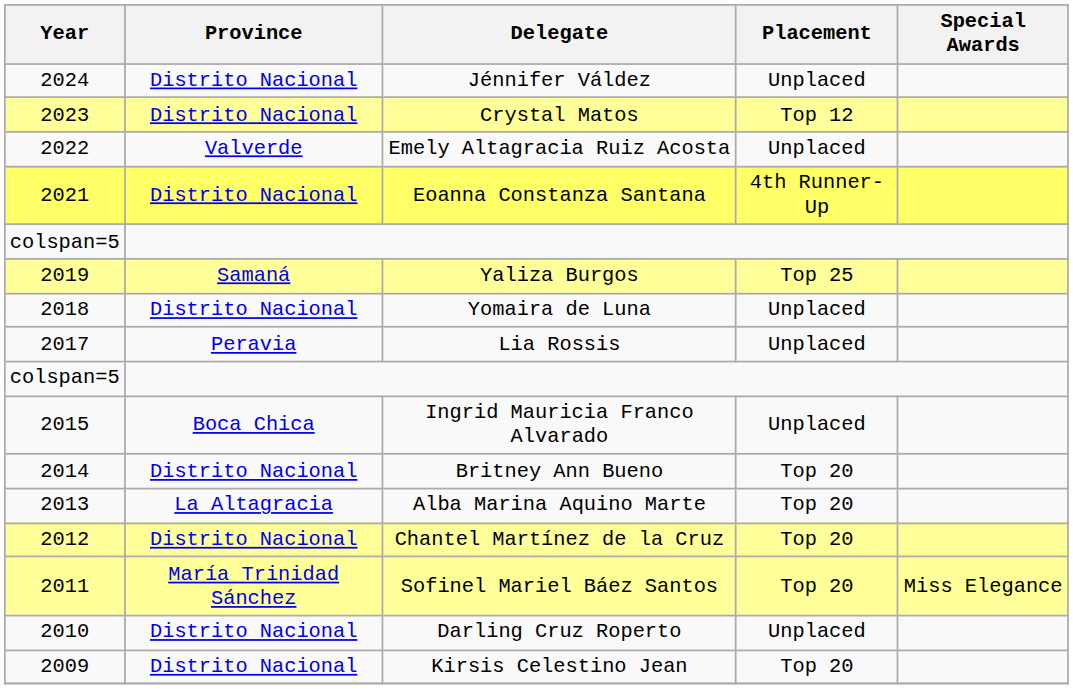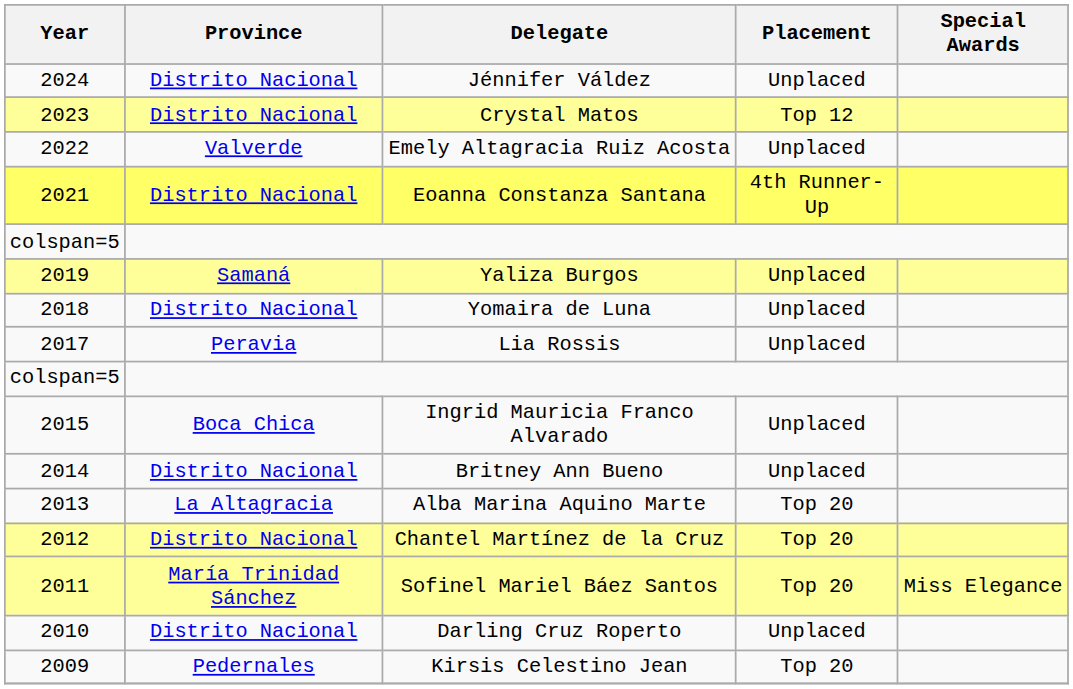 <table class="wikitable " style="font-size: 90%; text-align:center;">
 <tr>
 <th>Year</th>
 <th>Province</th>
 <th>Delegate</th>
 <th>Placement</th>
 <th>Special Awards</th>
 </tr>
 <tr>
 <td>2024</td>
 <td><a href='#'>Distrito Nacional</a></td>
 <td>Jénnifer Váldez</td>
 <td>Unplaced</td>
 <td></td>
 </tr>
 <tr style="background-color:#FFFF99; ">
 <td>2023</td>
 <td><a href='#'>Distrito Nacional</a></td>
 <td>Crystal Matos</td>
 <td>Top 12</td>
 <td></td>
 </tr>
 <tr>
 <td>2022</td>
 <td><a href='#'>Valverde</a></td>
 <td>Emely Altagracia Ruiz Acosta</td>
 <td>Unplaced</td>
 <td></td>
 </tr>
 <tr style="background:#FFFF66;">
 <td>2021</td>
 <td><a href='#'>Distrito Nacional</a></td>
 <td>Eoanna Constanza Santana</td>
 <td>4th Runner-Up</td>
 <td></td>
 </tr>
 <tr>
 <td>colspan=5 </td>
 </tr>
 <tr style="background-color:#FFFF99; ">
 <td>2019</td>
 <td><a href='#'>Samaná</a></td>
 <td>Yaliza Burgos</td>
-<td>Top 25</td>
+<td>Unplaced</td>
 <td></td>
 </tr>
 <tr>
 <td>2018</td>
 <td><a href='#'>Distrito Nacional</a></td>
 <td>Yomaira de Luna</td>
 <td>Unplaced</td>
 <td></td>
 </tr>
 <tr>
 <td>2017</td>
 <td><a href='#'>Peravia</a></td>
 <td>Lia Rossis</td>
 <td>Unplaced</td>
 <td></td>
 </tr>
 <tr>
 <td>colspan=5 </td>
 </tr>
 <tr>
 <td>2015</td>
 <td><a href='#'>Boca Chica</a></td>
 <td>Ingrid Mauricia Franco Alvarado</td>
 <td>Unplaced</td>
 <td></td>
 </tr>
 <tr>
 <td>2014</td>
 <td><a href='#'>Distrito Nacional</a></td>
 <td>Britney Ann Bueno</td>
-<td>Top 20</td>
+<td>Unplaced</td>
 <td></td>
 </tr>
 <tr>
 <td>2013</td>
 <td><a href='#'>La Altagracia</a></td>
 <td>Alba Marina Aquino Marte</td>
 <td>Top 20</td>
 <td></td>
 </tr>
 <tr style="background-color:#FFFF99; ">
 <td>2012</td>
 <td><a href='#'>Distrito Nacional</a></td>
 <td>Chantel Martínez de la Cruz</td>
 <td>Top 20</td>
 <td></td>
 </tr>
 <tr style="background-color:#FFFF99; ">
 <td>2011</td>
 <td><a href='#'>María Trinidad Sánchez</a></td>
 <td>Sofinel Mariel Báez Santos</td>
 <td>Top 20</td>
 <td>Miss Elegance</td>
 </tr>
 <tr>
 <td>2010</td>
 <td><a href='#'>Distrito Nacional</a></td>
 <td>Darling Cruz Roperto</td>
 <td>Unplaced</td>
 <td></td>
 </tr>
 <tr>
 <td>2009</td>
-<td><a href='#'>Distrito Nacional</a></td>
+<td><a href='#'>Pedernales</a></td>
 <td>Kirsis Celestino Jean</td>
 <td>Top 20</td>
 <td></td>
 </tr>
 <tr>
 </tr>
 </table>
